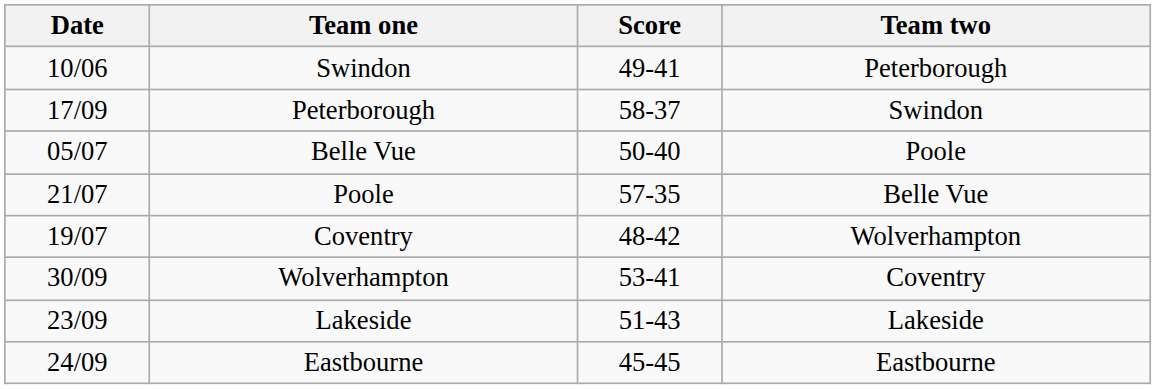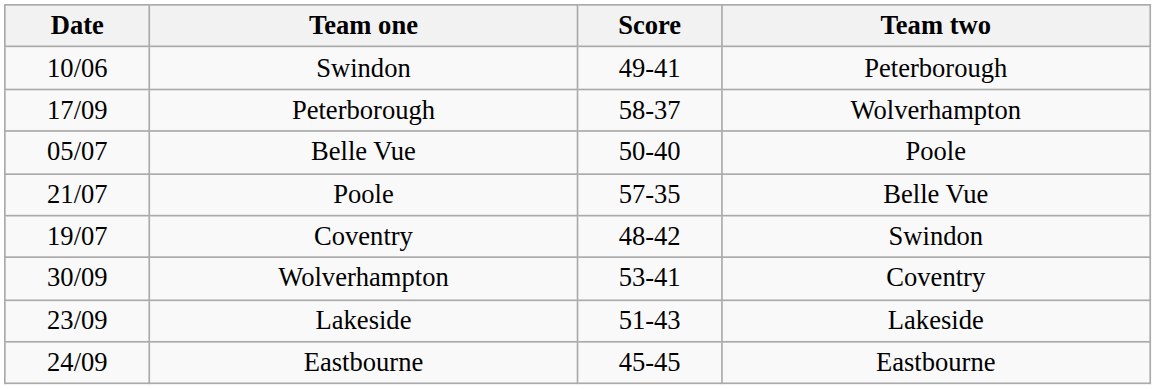 <table class="wikitable" style="text-align: center">
 <tr>
 <th width=80>Date</th>
 <th width=250>Team one</th>
 <th width=80>Score</th>
 <th width=250>Team two</th>
 </tr>
 <tr>
 <td>10/06</td>
 <td>Swindon</td>
 <td>49-41</td>
 <td>Peterborough</td>
 </tr>
 <tr>
 <td>17/09</td>
 <td>Peterborough</td>
 <td>58-37</td>
-<td>Swindon</td>
+<td>Wolverhampton</td>
 </tr>
 <tr>
 <td>05/07</td>
 <td>Belle Vue</td>
 <td>50-40</td>
 <td>Poole</td>
 </tr>
 <tr>
 <td>21/07</td>
 <td>Poole</td>
 <td>57-35</td>
 <td>Belle Vue</td>
 </tr>
 <tr>
 <td>19/07</td>
 <td>Coventry</td>
 <td>48-42</td>
-<td>Wolverhampton</td>
+<td>Swindon</td>
 </tr>
 <tr>
 <td>30/09</td>
 <td>Wolverhampton</td>
 <td>53-41</td>
 <td>Coventry</td>
 </tr>
 <tr>
 <td>23/09</td>
 <td>Lakeside</td>
 <td>51-43</td>
 <td>Lakeside</td>
 </tr>
 <tr>
 <td>24/09</td>
 <td>Eastbourne</td>
 <td>45-45</td>
 <td>Eastbourne</td>
 </tr>
 </table>
